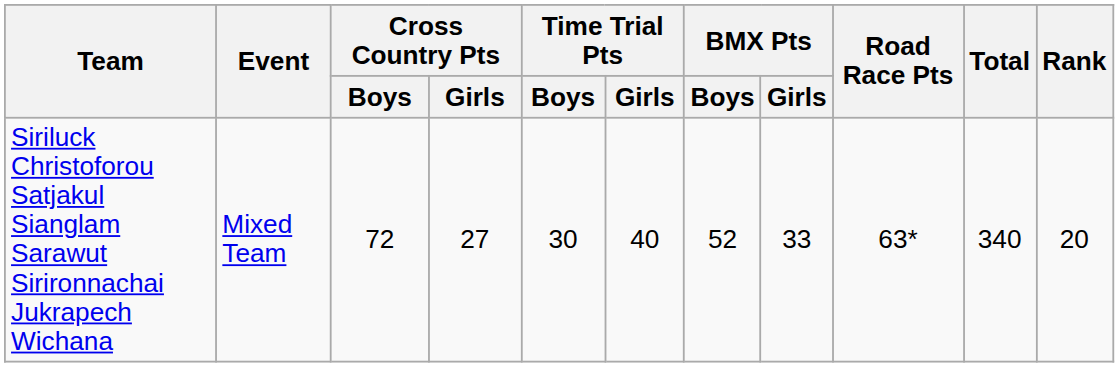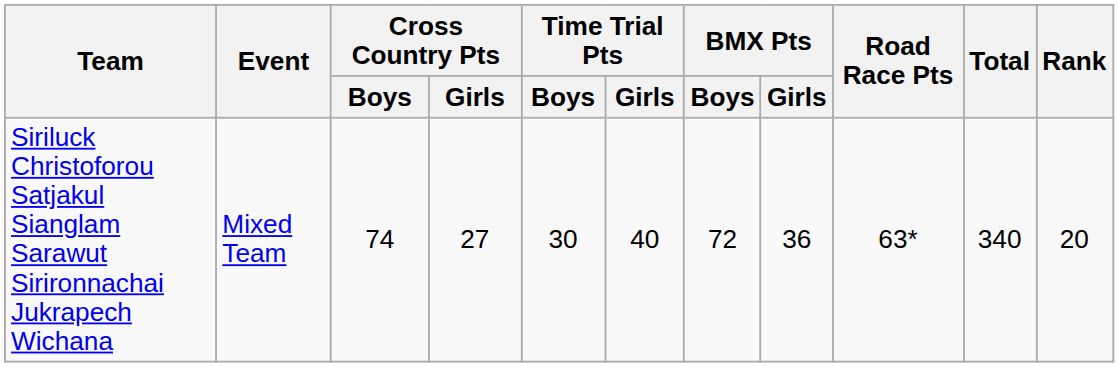 <table class="wikitable" border="1" style="font-size:90%">
 <tr>
 <th rowspan=2>Team</th>
 <th rowspan=2>Event</th>
 <th colspan=2>Cross Country Pts</th>
 <th colspan=2>Time Trial Pts</th>
 <th colspan=2>BMX Pts</th>
 <th rowspan=2>Road Race Pts</th>
 <th rowspan=2>Total</th>
 <th rowspan=2>Rank</th>
 </tr>
 <tr>
 <th>Boys</th>
 <th>Girls</th>
 <th>Boys</th>
 <th>Girls</th>
 <th>Boys</th>
 <th>Girls</th>
 </tr>
 <tr>
 <td><a href='#'>Siriluck Christoforou</a><br><a href='#'>Satjakul Sianglam</a><br><a href='#'>Sarawut Sirironnachai</a><br><a href='#'>Jukrapech Wichana</a></td>
 <td><a href='#'>Mixed Team</a></td>
-<td align=center>72</td>
+<td align=center>74</td>
 <td align=center>27</td>
 <td align=center>30</td>
 <td align=center>40</td>
-<td align=center>52</td>
-<td align=center>33</td>
+<td align=center>72</td>
+<td align=center>36</td>
 <td align=center>63*</td>
 <td align=center>340</td>
 <td align=center>20</td>
 </tr>
 </table>
